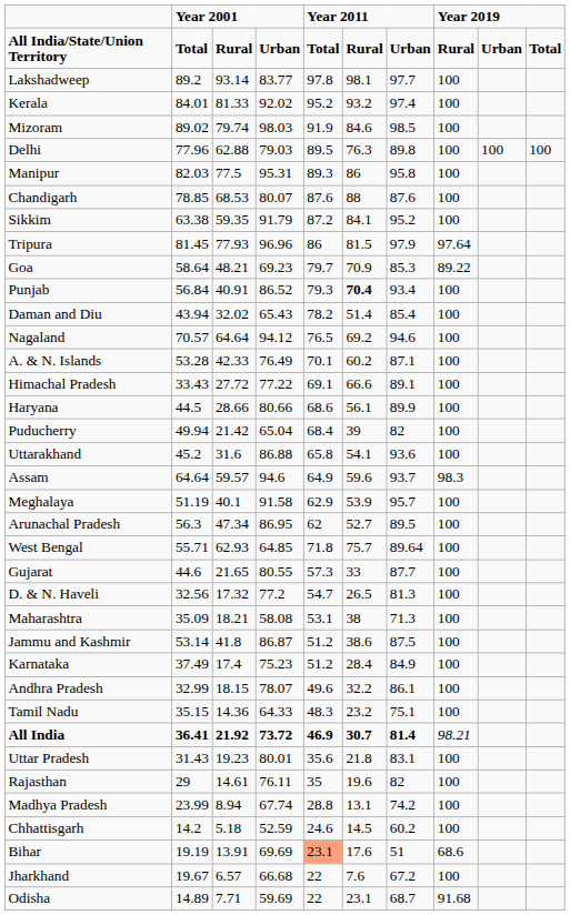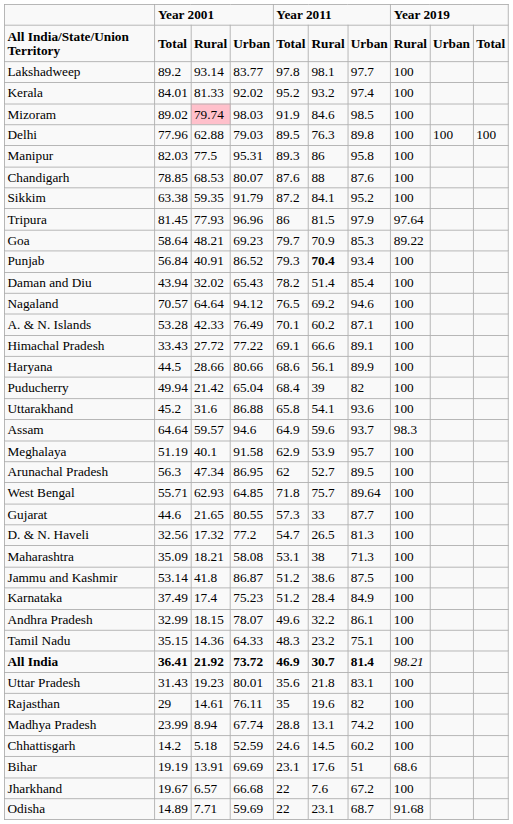 <table class="wikitable sortable">
 <tr>
 <td></td>
 <td colspan="3"><strong>Year 2001</strong></td>
 <td colspan="3"><strong>Year 2011</strong></td>
 <td colspan="3"><strong>Year 2019</strong></td>
 </tr>
 <tr>
 <td><strong>All India/State/Union  Territory</strong></td>
 <td><strong>Total</strong></td>
 <td><strong>Rural</strong></td>
 <td><strong>Urban</strong></td>
 <td><strong>Total</strong></td>
 <td><strong>Rural</strong></td>
 <td><strong>Urban</strong></td>
 <td><strong>Rural</strong></td>
 <td><strong>Urban</strong></td>
 <td><strong>Total</strong></td>
 </tr>
 <tr>
 <td>Lakshadweep</td>
 <td>89.2</td>
 <td>93.14</td>
 <td>83.77</td>
 <td>97.8</td>
 <td>98.1</td>
 <td>97.7</td>
 <td>100</td>
 <td></td>
 <td></td>
 </tr>
 <tr>
 <td>Kerala</td>
 <td>84.01</td>
 <td>81.33</td>
 <td>92.02</td>
 <td>95.2</td>
 <td>93.2</td>
 <td>97.4</td>
 <td>100</td>
 <td></td>
 <td></td>
 </tr>
 <tr>
 <td>Mizoram</td>
 <td>89.02</td>
-<td>79.74</td>
+<td style="background: pink;">79.74</td>
 <td>98.03</td>
 <td>91.9</td>
 <td>84.6</td>
 <td>98.5</td>
 <td>100</td>
 <td></td>
 <td></td>
 </tr>
 <tr>
 <td>Delhi</td>
 <td>77.96</td>
 <td>62.88</td>
 <td>79.03</td>
 <td>89.5</td>
 <td>76.3</td>
 <td>89.8</td>
 <td>100</td>
 <td>100</td>
 <td>100</td>
 </tr>
 <tr>
 <td>Manipur</td>
 <td>82.03</td>
 <td>77.5</td>
 <td>95.31</td>
 <td>89.3</td>
 <td>86</td>
 <td>95.8</td>
 <td>100</td>
 <td></td>
 <td></td>
 </tr>
 <tr>
 <td>Chandigarh</td>
 <td>78.85</td>
 <td>68.53</td>
 <td>80.07</td>
 <td>87.6</td>
 <td>88</td>
 <td>87.6</td>
 <td>100</td>
 <td></td>
 <td></td>
 </tr>
 <tr>
 <td>Sikkim</td>
 <td>63.38</td>
 <td>59.35</td>
 <td>91.79</td>
 <td>87.2</td>
 <td>84.1</td>
 <td>95.2</td>
 <td>100</td>
 <td></td>
 <td></td>
 </tr>
 <tr>
 <td>Tripura</td>
 <td>81.45</td>
 <td>77.93</td>
 <td>96.96</td>
 <td>86</td>
 <td>81.5</td>
 <td>97.9</td>
 <td>97.64</td>
 <td></td>
 <td></td>
 </tr>
 <tr>
 <td>Goa</td>
 <td>58.64</td>
 <td>48.21</td>
 <td>69.23</td>
 <td>79.7</td>
 <td>70.9</td>
 <td>85.3</td>
 <td>89.22</td>
 <td></td>
 <td></td>
 </tr>
 <tr>
 <td>Punjab</td>
 <td>56.84</td>
 <td>40.91</td>
 <td>86.52</td>
 <td>79.3</td>
 <td><strong>70.4</strong></td>
 <td>93.4</td>
 <td>100</td>
 <td></td>
 <td></td>
 </tr>
 <tr>
 <td>Daman and Diu</td>
 <td>43.94</td>
 <td>32.02</td>
 <td>65.43</td>
 <td>78.2</td>
 <td>51.4</td>
 <td>85.4</td>
 <td>100</td>
 <td></td>
 <td></td>
 </tr>
 <tr>
 <td>Nagaland</td>
 <td>70.57</td>
 <td>64.64</td>
 <td>94.12</td>
 <td>76.5</td>
 <td>69.2</td>
 <td>94.6</td>
 <td>100</td>
 <td></td>
 <td></td>
 </tr>
 <tr>
 <td>A. & N.  Islands</td>
 <td>53.28</td>
 <td>42.33</td>
 <td>76.49</td>
 <td>70.1</td>
 <td>60.2</td>
 <td>87.1</td>
 <td>100</td>
 <td></td>
 <td></td>
 </tr>
 <tr>
 <td>Himachal Pradesh</td>
 <td>33.43</td>
 <td>27.72</td>
 <td>77.22</td>
 <td>69.1</td>
 <td>66.6</td>
 <td>89.1</td>
 <td>100</td>
 <td></td>
 <td></td>
 </tr>
 <tr>
 <td>Haryana</td>
 <td>44.5</td>
 <td>28.66</td>
 <td>80.66</td>
 <td>68.6</td>
 <td>56.1</td>
 <td>89.9</td>
 <td>100</td>
 <td></td>
 <td></td>
 </tr>
 <tr>
 <td>Puducherry</td>
 <td>49.94</td>
 <td>21.42</td>
 <td>65.04</td>
 <td>68.4</td>
 <td>39</td>
 <td>82</td>
 <td>100</td>
 <td></td>
 <td></td>
 </tr>
 <tr>
 <td>Uttarakhand</td>
 <td>45.2</td>
 <td>31.6</td>
 <td>86.88</td>
 <td>65.8</td>
 <td>54.1</td>
 <td>93.6</td>
 <td>100</td>
 <td></td>
 <td></td>
 </tr>
 <tr>
 <td>Assam</td>
 <td>64.64</td>
 <td>59.57</td>
 <td>94.6</td>
 <td>64.9</td>
 <td>59.6</td>
 <td>93.7</td>
 <td>98.3</td>
 <td></td>
 <td></td>
 </tr>
 <tr>
 <td>Meghalaya</td>
 <td>51.19</td>
 <td>40.1</td>
 <td>91.58</td>
 <td>62.9</td>
 <td>53.9</td>
 <td>95.7</td>
 <td>100</td>
 <td></td>
 <td></td>
 </tr>
 <tr>
 <td>Arunachal Pradesh</td>
 <td>56.3</td>
 <td>47.34</td>
 <td>86.95</td>
 <td>62</td>
 <td>52.7</td>
 <td>89.5</td>
 <td>100</td>
 <td></td>
 <td></td>
 </tr>
 <tr>
 <td>West Bengal</td>
 <td>55.71</td>
 <td>62.93</td>
 <td>64.85</td>
 <td>71.8</td>
 <td>75.7</td>
 <td>89.64</td>
 <td>100</td>
 <td></td>
 <td></td>
 </tr>
 <tr>
 <td>Gujarat</td>
 <td>44.6</td>
 <td>21.65</td>
 <td>80.55</td>
 <td>57.3</td>
 <td>33</td>
 <td>87.7</td>
 <td>100</td>
 <td></td>
 <td></td>
 </tr>
 <tr>
 <td>D. & N.  Haveli</td>
 <td>32.56</td>
 <td>17.32</td>
 <td>77.2</td>
 <td>54.7</td>
 <td>26.5</td>
 <td>81.3</td>
 <td>100</td>
 <td></td>
 <td></td>
 </tr>
 <tr>
 <td>Maharashtra</td>
 <td>35.09</td>
 <td>18.21</td>
 <td>58.08</td>
 <td>53.1</td>
 <td>38</td>
 <td>71.3</td>
 <td>100</td>
 <td></td>
 <td></td>
 </tr>
 <tr>
 <td>Jammu and Kashmir</td>
 <td>53.14</td>
 <td>41.8</td>
 <td>86.87</td>
 <td>51.2</td>
 <td>38.6</td>
 <td>87.5</td>
 <td>100</td>
 <td></td>
 <td></td>
 </tr>
 <tr>
 <td>Karnataka</td>
 <td>37.49</td>
 <td>17.4</td>
 <td>75.23</td>
 <td>51.2</td>
 <td>28.4</td>
 <td>84.9</td>
 <td>100</td>
 <td></td>
 <td></td>
 </tr>
 <tr>
 <td>Andhra Pradesh</td>
 <td>32.99</td>
 <td>18.15</td>
 <td>78.07</td>
 <td>49.6</td>
 <td>32.2</td>
 <td>86.1</td>
 <td>100</td>
 <td></td>
 <td></td>
 </tr>
 <tr>
 <td>Tamil Nadu</td>
 <td>35.15</td>
 <td>14.36</td>
 <td>64.33</td>
 <td>48.3</td>
 <td>23.2</td>
 <td>75.1</td>
 <td>100</td>
 <td></td>
 <td></td>
 </tr>
 <tr>
 <td><strong>All India</strong></td>
 <td><strong>36.41</strong></td>
 <td><strong>21.92</strong></td>
 <td><strong>73.72</strong></td>
 <td><strong>46.9</strong></td>
 <td><strong>30.7</strong></td>
 <td><strong>81.4</strong></td>
 <td><em>98.21</em></td>
 <td></td>
 <td></td>
 </tr>
 <tr>
 <td>Uttar Pradesh</td>
 <td>31.43</td>
 <td>19.23</td>
 <td>80.01</td>
 <td>35.6</td>
 <td>21.8</td>
 <td>83.1</td>
 <td>100</td>
 <td></td>
 <td></td>
 </tr>
 <tr>
 <td>Rajasthan</td>
 <td>29</td>
 <td>14.61</td>
 <td>76.11</td>
 <td>35</td>
 <td>19.6</td>
 <td>82</td>
 <td>100</td>
 <td></td>
 <td></td>
 </tr>
 <tr>
 <td>Madhya Pradesh</td>
 <td>23.99</td>
 <td>8.94</td>
 <td>67.74</td>
 <td>28.8</td>
 <td>13.1</td>
 <td>74.2</td>
 <td>100</td>
 <td></td>
 <td></td>
 </tr>
 <tr>
 <td>Chhattisgarh</td>
 <td>14.2</td>
 <td>5.18</td>
 <td>52.59</td>
 <td>24.6</td>
 <td>14.5</td>
 <td>60.2</td>
 <td>100</td>
 <td></td>
 <td></td>
 </tr>
 <tr>
 <td>Bihar</td>
 <td>19.19</td>
 <td>13.91</td>
 <td>69.69</td>
-<td style="background: lightsalmon;">23.1</td>
+<td>23.1</td>
 <td>17.6</td>
 <td>51</td>
 <td>68.6</td>
 <td></td>
 <td></td>
 </tr>
 <tr>
 <td>Jharkhand</td>
 <td>19.67</td>
 <td>6.57</td>
 <td>66.68</td>
 <td>22</td>
 <td>7.6</td>
 <td>67.2</td>
 <td>100</td>
 <td></td>
 <td></td>
 </tr>
 <tr>
 <td>Odisha</td>
 <td>14.89</td>
 <td>7.71</td>
 <td>59.69</td>
 <td>22</td>
 <td>23.1</td>
 <td>68.7</td>
 <td>91.68</td>
 <td></td>
 <td></td>
 </tr>
 </table>
